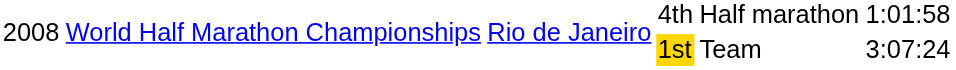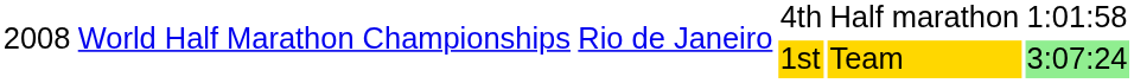 <table>
 <tr>
 <td rowspan=2>2008</td>
 <td rowspan=2><a href='#'>World Half Marathon Championships</a></td>
 <td rowspan=2><a href='#'>Rio de Janeiro</a></td>
 <td>4th</td>
 <td>Half marathon</td>
 <td>1:01:58</td>
 </tr>
 <tr>
 <td bgcolor=gold>1st</td>
-<td>Team</td>
-<td>3:07:24</td>
+<td style="background: gold;">Team</td>
+<td style="background: lightgreen;">3:07:24</td>
 </tr>
 </table>
